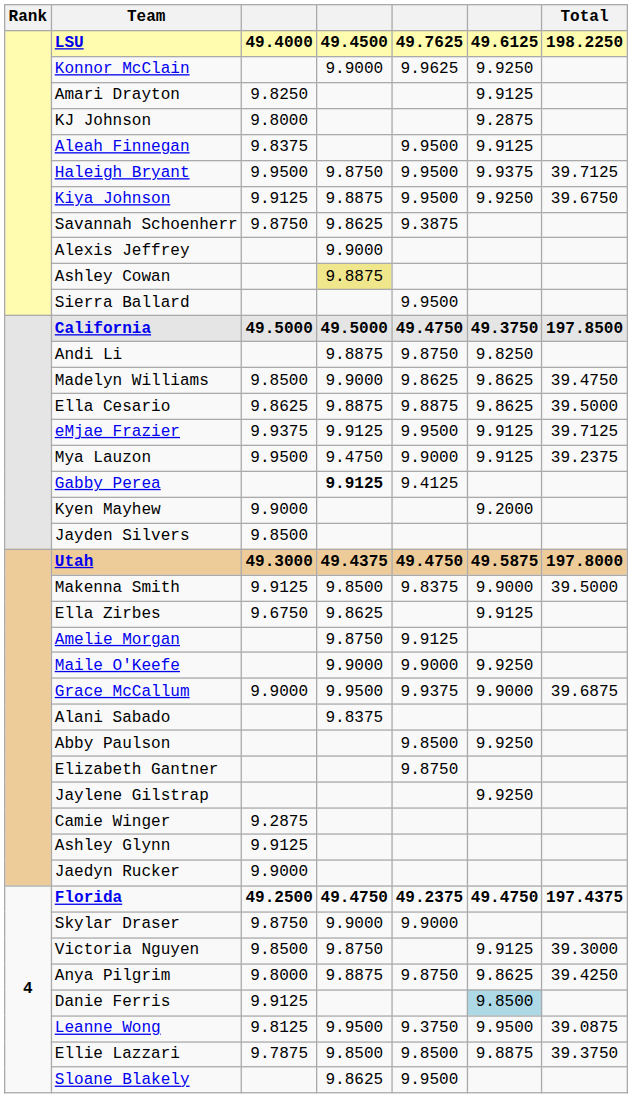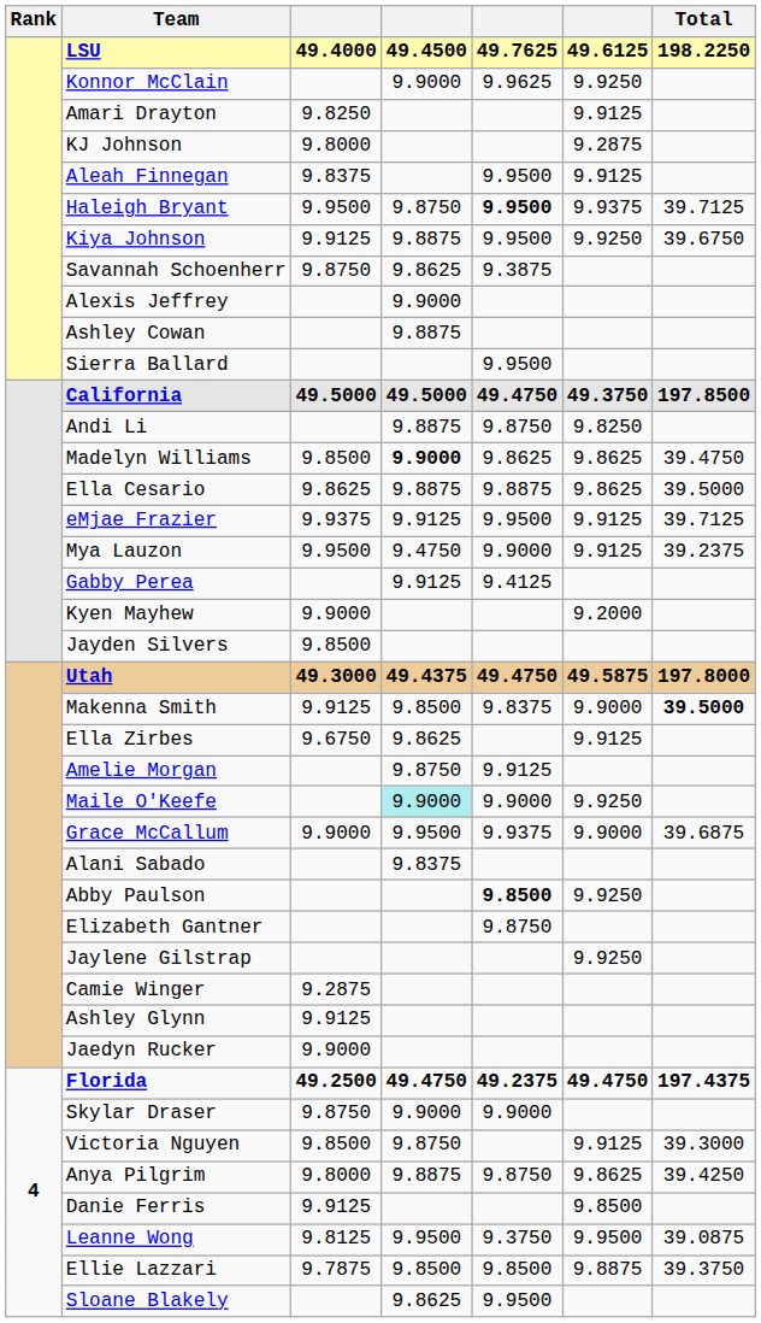 <table class="wikitable" style="text-align:center; font-size:95%">
 <tr>
 <th rowspan="1">Rank</th>
 <th rowspan="1">Team</th>
 <th colspan="1"></th>
 <th colspan="1"></th>
 <th colspan="1"></th>
 <th colspan="1"></th>
 <th rowspan="1">Total</th>
 </tr>
 <tr style="background:#fffcaf;">
 <td rowspan="11"></td>
 <td style="text-align:left;"><strong><a href='#'>LSU</a></strong></td>
 <td><strong>49.4000</strong></td>
 <td><strong>49.4500</strong></td>
 <td><strong>49.7625</strong></td>
 <td><strong>49.6125</strong></td>
 <td><strong>198.2250</strong></td>
 </tr>
 <tr>
 <td style="text-align:left;"><a href='#'>Konnor McClain</a></td>
 <td></td>
 <td>9.9000</td>
 <td>9.9625</td>
 <td>9.9250</td>
 <td></td>
 </tr>
 <tr>
 <td style="text-align:left;">Amari Drayton</td>
 <td>9.8250</td>
 <td></td>
 <td></td>
 <td>9.9125</td>
 <td></td>
 </tr>
 <tr>
 <td style="text-align:left;">KJ Johnson</td>
 <td>9.8000</td>
 <td></td>
 <td></td>
 <td>9.2875</td>
 <td></td>
 </tr>
 <tr>
 <td style="text-align:left;"><a href='#'>Aleah Finnegan</a></td>
 <td>9.8375</td>
 <td></td>
 <td>9.9500</td>
 <td>9.9125</td>
 <td></td>
 </tr>
 <tr>
 <td style="text-align:left;"><a href='#'>Haleigh Bryant</a></td>
 <td>9.9500</td>
 <td>9.8750</td>
-<td>9.9500</td>
+<td><strong>9.9500</strong></td>
 <td>9.9375</td>
 <td>39.7125</td>
 </tr>
 <tr>
 <td style="text-align:left;"><a href='#'>Kiya Johnson</a></td>
 <td>9.9125</td>
 <td>9.8875</td>
 <td>9.9500</td>
 <td>9.9250</td>
 <td>39.6750</td>
 </tr>
 <tr>
 <td style="text-align:left;">Savannah Schoenherr</td>
 <td>9.8750</td>
 <td>9.8625</td>
 <td>9.3875</td>
 <td></td>
 <td></td>
 </tr>
 <tr>
 <td style="text-align:left;">Alexis Jeffrey</td>
 <td></td>
 <td>9.9000</td>
 <td></td>
 <td></td>
 <td></td>
 </tr>
 <tr>
 <td style="text-align:left;">Ashley Cowan</td>
 <td></td>
-<td style="background: khaki;">9.8875</td>
+<td>9.8875</td>
 <td></td>
 <td></td>
 <td></td>
 </tr>
 <tr>
 <td style="text-align:left;">Sierra Ballard</td>
 <td></td>
 <td></td>
 <td>9.9500</td>
 <td></td>
 <td></td>
 </tr>
 <tr style="background:#e5e5e5;">
 <td rowspan="9"></td>
 <td style="text-align:left;"><strong><a href='#'>California</a></strong></td>
 <td><strong>49.5000</strong></td>
 <td><strong>49.5000</strong></td>
 <td><strong>49.4750</strong></td>
 <td><strong>49.3750</strong></td>
 <td><strong>197.8500</strong></td>
 </tr>
 <tr>
 <td style="text-align:left;">Andi Li</td>
 <td></td>
 <td>9.8875</td>
 <td>9.8750</td>
 <td>9.8250</td>
 <td></td>
 </tr>
 <tr>
 <td style="text-align:left;">Madelyn Williams</td>
 <td>9.8500</td>
-<td>9.9000</td>
+<td><strong>9.9000</strong></td>
 <td>9.8625</td>
 <td>9.8625</td>
 <td>39.4750</td>
 </tr>
 <tr>
 <td style="text-align:left;">Ella Cesario</td>
 <td>9.8625</td>
 <td>9.8875</td>
 <td>9.8875</td>
 <td>9.8625</td>
 <td>39.5000</td>
 </tr>
 <tr>
 <td style="text-align:left;"><a href='#'>eMjae Frazier</a></td>
 <td>9.9375</td>
 <td>9.9125</td>
 <td>9.9500</td>
 <td>9.9125</td>
 <td>39.7125</td>
 </tr>
 <tr>
 <td style="text-align:left;">Mya Lauzon</td>
 <td>9.9500</td>
 <td>9.4750</td>
 <td>9.9000</td>
 <td>9.9125</td>
 <td>39.2375</td>
 </tr>
 <tr>
 <td style="text-align:left;"><a href='#'>Gabby Perea</a></td>
 <td></td>
-<td><strong>9.9125</strong></td>
+<td>9.9125</td>
 <td>9.4125</td>
 <td></td>
 <td></td>
 </tr>
 <tr>
 <td style="text-align:left;">Kyen Mayhew</td>
 <td>9.9000</td>
 <td></td>
 <td></td>
 <td>9.2000</td>
 <td></td>
 </tr>
 <tr>
 <td style="text-align:left;">Jayden Silvers</td>
 <td>9.8500</td>
 <td></td>
 <td></td>
 <td></td>
 <td></td>
 </tr>
 <tr style="background:#ec9;">
 <td rowspan="13"></td>
 <td style="text-align:left;"><strong><a href='#'>Utah</a></strong></td>
 <td><strong>49.3000</strong></td>
 <td><strong>49.4375</strong></td>
 <td><strong>49.4750</strong></td>
 <td><strong>49.5875</strong></td>
 <td><strong>197.8000</strong></td>
 </tr>
 <tr>
 <td style="text-align:left;">Makenna Smith</td>
 <td>9.9125</td>
 <td>9.8500</td>
 <td>9.8375</td>
 <td>9.9000</td>
-<td>39.5000</td>
+<td><strong>39.5000</strong></td>
 </tr>
 <tr>
 <td style="text-align:left;">Ella Zirbes</td>
 <td>9.6750</td>
 <td>9.8625</td>
 <td></td>
 <td>9.9125</td>
 <td></td>
 </tr>
 <tr>
 <td style="text-align:left;"><a href='#'>Amelie Morgan</a></td>
 <td></td>
 <td>9.8750</td>
 <td>9.9125</td>
 <td></td>
 <td></td>
 </tr>
 <tr>
 <td style="text-align:left;"><a href='#'>Maile O'Keefe</a></td>
 <td></td>
-<td>9.9000</td>
+<td style="background: paleturquoise;">9.9000</td>
 <td>9.9000</td>
 <td>9.9250</td>
 <td></td>
 </tr>
 <tr>
 <td style="text-align:left;"><a href='#'>Grace McCallum</a></td>
 <td>9.9000</td>
 <td>9.9500</td>
 <td>9.9375</td>
 <td>9.9000</td>
 <td>39.6875</td>
 </tr>
 <tr>
 <td style="text-align:left;">Alani Sabado</td>
 <td></td>
 <td>9.8375</td>
 <td></td>
 <td></td>
 <td></td>
 </tr>
 <tr>
 <td style="text-align:left;">Abby Paulson</td>
 <td></td>
 <td></td>
-<td>9.8500</td>
+<td><strong>9.8500</strong></td>
 <td>9.9250</td>
 <td></td>
 </tr>
 <tr>
 <td style="text-align:left;">Elizabeth Gantner</td>
 <td></td>
 <td></td>
 <td>9.8750</td>
 <td></td>
 <td></td>
 </tr>
 <tr>
 <td style="text-align:left;">Jaylene Gilstrap</td>
 <td></td>
 <td></td>
 <td></td>
 <td>9.9250</td>
 <td></td>
 </tr>
 <tr>
 <td style="text-align:left;">Camie Winger</td>
 <td>9.2875</td>
 <td></td>
 <td></td>
 <td></td>
 <td></td>
 </tr>
 <tr>
 <td style="text-align:left;">Ashley Glynn</td>
 <td>9.9125</td>
 <td></td>
 <td></td>
 <td></td>
 <td></td>
 </tr>
 <tr>
 <td style="text-align:left;">Jaedyn Rucker</td>
 <td>9.9000</td>
 <td></td>
 <td></td>
 <td></td>
 <td></td>
 </tr>
 <tr>
 <td rowspan="17"><strong>4</strong></td>
 <td style="text-align:left;"><strong><a href='#'>Florida</a></strong></td>
 <td><strong>49.2500</strong></td>
 <td><strong>49.4750</strong></td>
 <td><strong>49.2375</strong></td>
 <td><strong>49.4750</strong></td>
 <td><strong>197.4375</strong></td>
 </tr>
 <tr>
 <td style="text-align:left;">Skylar Draser</td>
 <td>9.8750</td>
 <td>9.9000</td>
 <td>9.9000</td>
 <td></td>
 <td></td>
 </tr>
 <tr>
 <td style="text-align:left;">Victoria Nguyen</td>
 <td>9.8500</td>
 <td>9.8750</td>
 <td></td>
 <td>9.9125</td>
 <td>39.3000</td>
 </tr>
 <tr>
 <td style="text-align:left;">Anya Pilgrim</td>
 <td>9.8000</td>
 <td>9.8875</td>
 <td>9.8750</td>
 <td>9.8625</td>
 <td>39.4250</td>
 </tr>
 <tr>
 <td style="text-align:left;">Danie Ferris</td>
 <td>9.9125</td>
 <td></td>
 <td></td>
-<td style="background: lightblue;">9.8500</td>
+<td>9.8500</td>
 <td></td>
 </tr>
 <tr>
 <td style="text-align:left;"><a href='#'>Leanne Wong</a></td>
 <td>9.8125</td>
 <td>9.9500</td>
 <td>9.3750</td>
 <td>9.9500</td>
 <td>39.0875</td>
 </tr>
 <tr>
 <td style="text-align:left;">Ellie Lazzari</td>
 <td>9.7875</td>
 <td>9.8500</td>
 <td>9.8500</td>
 <td>9.8875</td>
 <td>39.3750</td>
 </tr>
 <tr>
 <td style="text-align:left;"><a href='#'>Sloane Blakely</a></td>
 <td></td>
 <td>9.8625</td>
 <td>9.9500</td>
 <td></td>
 <td></td>
 </tr>
 </table>
